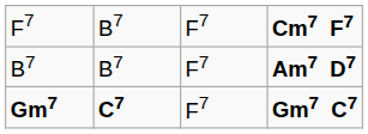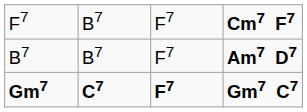 <table class="wikitable" style="text-align:left; width:260px;">
 <tr>
 <td width="25%">F<sup>7</sup></td>
 <td width="25%">B<sup>7</sup></td>
 <td width="25%">F<sup>7</sup></td>
 <td width="25%"><strong>Cm<sup>7</sup>  F<sup>7</sup></strong></td>
 </tr>
 <tr>
 <td>B<sup>7</sup></td>
 <td>B<sup>7</sup></td>
 <td>F<sup>7</sup></td>
 <td><strong>Am<sup>7</sup>  D<sup>7</sup></strong></td>
 </tr>
 <tr>
 <td><strong>Gm<sup>7</sup></strong></td>
 <td><strong>C<sup>7</sup></strong></td>
-<td>F<sup>7</sup></td>
+<td><strong>F<sup>7</sup></strong></td>
 <td><strong>Gm<sup>7</sup>  C<sup>7</sup></strong></td>
 </tr>
 </table>
